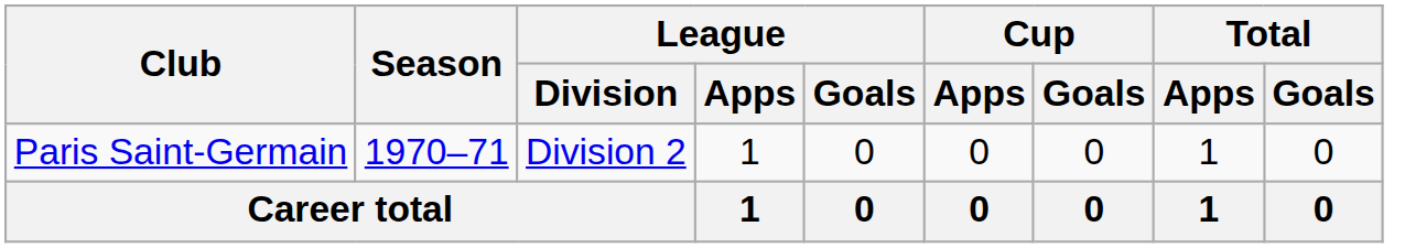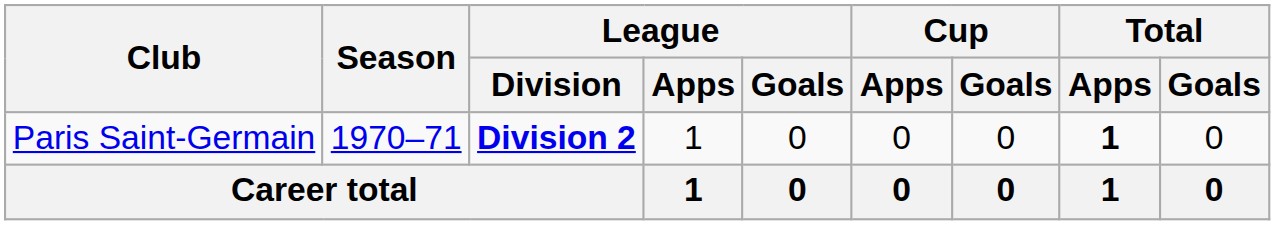 <table class="wikitable" style="text-align:center">
 <tr>
 <th rowspan="2">Club</th>
 <th rowspan="2">Season</th>
 <th colspan="3">League</th>
 <th colspan="2">Cup</th>
 <th colspan="2">Total</th>
 </tr>
 <tr>
 <th>Division</th>
 <th>Apps</th>
 <th>Goals</th>
 <th>Apps</th>
 <th>Goals</th>
 <th>Apps</th>
 <th>Goals</th>
 </tr>
 <tr>
 <td><a href='#'>Paris Saint-Germain</a></td>
 <td><a href='#'>1970–71</a></td>
-<td><a href='#'>Division 2</a></td>
+<td><strong><a href='#'>Division 2</a></strong></td>
 <td>1</td>
 <td>0</td>
 <td>0</td>
 <td>0</td>
-<td>1</td>
+<td><strong>1</strong></td>
 <td>0</td>
 </tr>
 <tr>
 <th colspan="3">Career total</th>
 <th>1</th>
 <th>0</th>
 <th>0</th>
 <th>0</th>
 <th>1</th>
 <th>0</th>
 </tr>
 </table>
